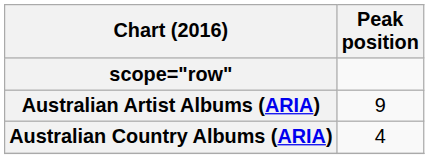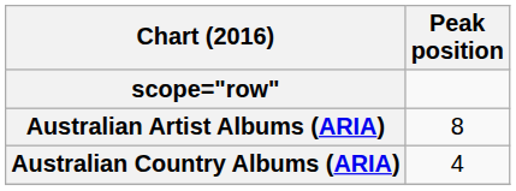 <table class="wikitable sortable plainrowheaders">
 <tr>
 <th scope="col">Chart (2016)</th>
 <th scope="col">Peak<br>position</th>
 </tr>
 <tr>
 <th>scope="row"</th>
 </tr>
 <tr>
 <th scope="row">Australian Artist Albums (<a href='#'>ARIA</a>)</th>
-<td align="center">9</td>
+<td align="center">8</td>
 </tr>
 <tr>
 <th scope="row">Australian Country Albums (<a href='#'>ARIA</a>)</th>
 <td align="center">4</td>
 </tr>
 <tr>
 </tr>
 </table>
